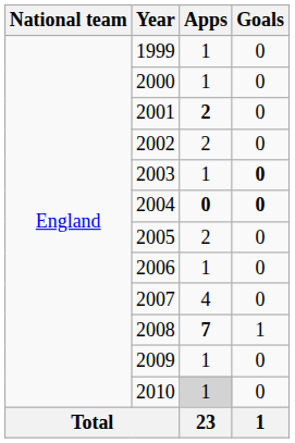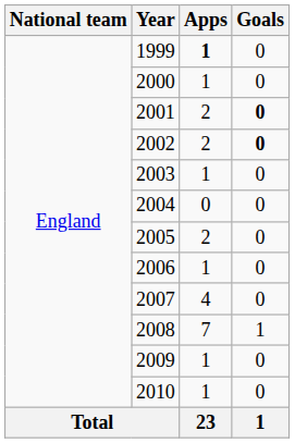 <table class="wikitable" style="text-align:center">
 <tr>
 <th>National team</th>
 <th>Year</th>
 <th>Apps</th>
 <th>Goals</th>
 </tr>
 <tr>
 <td rowspan="12"><a href='#'>England</a></td>
 <td>1999</td>
-<td>1</td>
+<td><strong>1</strong></td>
 <td>0</td>
 </tr>
 <tr>
 <td>2000</td>
 <td>1</td>
 <td>0</td>
 </tr>
 <tr>
 <td>2001</td>
-<td><strong>2</strong></td>
-<td>0</td>
+<td>2</td>
+<td><strong>0</strong></td>
 </tr>
 <tr>
 <td>2002</td>
 <td>2</td>
-<td>0</td>
+<td><strong>0</strong></td>
 </tr>
 <tr>
 <td>2003</td>
 <td>1</td>
-<td><strong>0</strong></td>
+<td>0</td>
 </tr>
 <tr>
 <td>2004</td>
-<td><strong>0</strong></td>
-<td><strong>0</strong></td>
+<td>0</td>
+<td>0</td>
 </tr>
 <tr>
 <td>2005</td>
 <td>2</td>
 <td>0</td>
 </tr>
 <tr>
 <td>2006</td>
 <td>1</td>
 <td>0</td>
 </tr>
 <tr>
 <td>2007</td>
 <td>4</td>
 <td>0</td>
 </tr>
 <tr>
 <td>2008</td>
-<td><strong>7</strong></td>
+<td>7</td>
 <td>1</td>
 </tr>
 <tr>
 <td>2009</td>
 <td>1</td>
 <td>0</td>
 </tr>
 <tr>
 <td>2010</td>
-<td style="background: lightgrey;">1</td>
+<td>1</td>
 <td>0</td>
 </tr>
 <tr>
 <th colspan="2">Total</th>
 <th>23</th>
 <th>1</th>
 </tr>
 </table>
